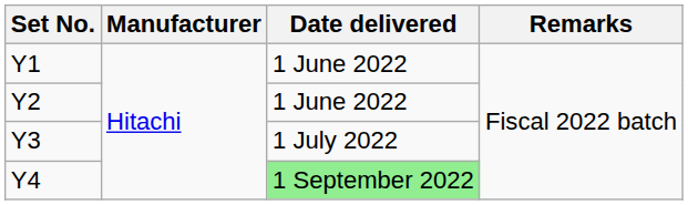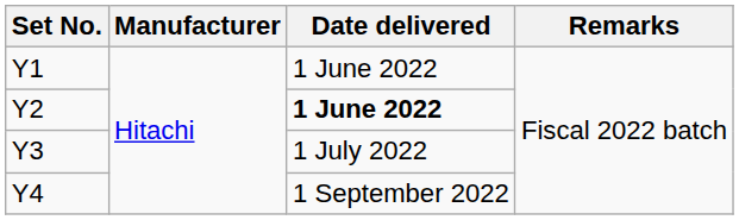 <table class="wikitable">
 <tr>
 <th>Set No.</th>
 <th>Manufacturer</th>
 <th>Date delivered</th>
 <th>Remarks</th>
 </tr>
 <tr>
 <td>Y1</td>
 <td rowspan=4><a href='#'>Hitachi</a></td>
 <td>1 June 2022</td>
 <td rowspan=4>Fiscal 2022 batch</td>
 </tr>
 <tr>
 <td>Y2</td>
-<td>1 June 2022</td>
+<td><strong>1 June 2022</strong></td>
 </tr>
 <tr>
 <td>Y3</td>
 <td>1 July 2022</td>
 </tr>
 <tr>
 <td>Y4</td>
-<td style="background: lightgreen;">1 September 2022</td>
+<td>1 September 2022</td>
 </tr>
 </table>
